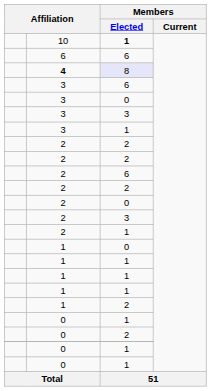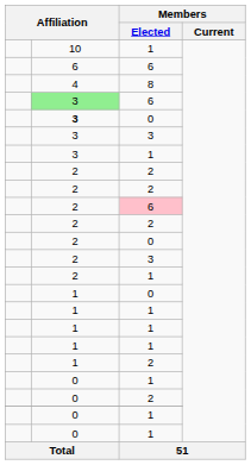 <table class="wikitable" border="1" style="font-size: 95%; text-align: center;">
 <tr>
 <th colspan="2" rowspan="2" class=unsortable style="text-align: center; vertical-align: middle; width: 150px;">Affiliation</th>
 <th colspan="2" style="vertical-align: top;">Members</th>
 </tr>
 <tr>
 <th data-sort-type=number style="width: 80px;"><a href='#'>Elected</a></th>
 <th style="width: 80px;">Current</th>
 </tr>
 <tr>
 <td></td>
 <td>10</td>
-<td><strong>1</strong></td>
+<td>1</td>
 </tr>
 <tr>
 <td></td>
 <td>6</td>
 <td>6</td>
 </tr>
 <tr>
 <td></td>
-<td><strong>4</strong></td>
-<td style="background: lavender;">8</td>
+<td>4</td>
+<td>8</td>
 </tr>
 <tr>
 <td></td>
-<td>3</td>
+<td style="background: lightgreen;">3</td>
 <td>6</td>
 </tr>
 <tr>
 <td></td>
-<td>3</td>
+<td><strong>3</strong></td>
 <td>0</td>
 </tr>
 <tr>
 <td></td>
 <td>3</td>
 <td>3</td>
 </tr>
 <tr>
 <td></td>
 <td>3</td>
 <td>1</td>
 </tr>
 <tr>
 <td></td>
 <td>2</td>
 <td>2</td>
 </tr>
 <tr>
 <td></td>
 <td>2</td>
 <td>2</td>
 </tr>
 <tr>
 <td></td>
 <td>2</td>
-<td>6</td>
+<td style="background: pink;">6</td>
 </tr>
 <tr>
 <td></td>
 <td>2</td>
 <td>2</td>
 </tr>
 <tr>
 <td></td>
 <td>2</td>
 <td>0</td>
 </tr>
 <tr>
 <td></td>
 <td>2</td>
 <td>3</td>
 </tr>
 <tr>
 <td></td>
 <td>2</td>
 <td>1</td>
 </tr>
 <tr>
 <td></td>
 <td>1</td>
 <td>0</td>
 </tr>
 <tr>
 <td></td>
 <td>1</td>
 <td>1</td>
 </tr>
 <tr>
 <td></td>
 <td>1</td>
 <td>1</td>
 </tr>
 <tr>
 <td></td>
 <td>1</td>
 <td>1</td>
 </tr>
 <tr>
 <td></td>
 <td>1</td>
 <td>2</td>
 </tr>
 <tr>
 <td></td>
 <td>0</td>
 <td>1</td>
 </tr>
 <tr>
 <td></td>
 <td>0</td>
 <td>2</td>
 </tr>
 <tr>
 </tr>
 <tr>
 <td></td>
 <td>0</td>
 <td>1</td>
 </tr>
 <tr>
 <td></td>
 <td>0</td>
 <td>1</td>
 </tr>
 <tr>
 <th colspan="2">Total</th>
 <th colspan="2">51</th>
 </tr>
 </table>
